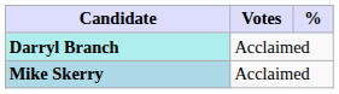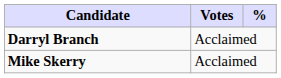 <table class="wikitable">
 <tr>
 <th style="background:#ddf; width:200px;">Candidate</th>
 <th style="background:#ddf; width:50px;">Votes</th>
 <th style="background:#ddf; width:30px;">%</th>
 </tr>
 <tr>
-<td style="background: paleturquoise;"><strong>Darryl Branch</strong></td>
+<td><strong>Darryl Branch</strong></td>
 <td colspan="2">Acclaimed</td>
 </tr>
 <tr>
-<td style="background: lightblue;"><strong>Mike Skerry</strong></td>
+<td><strong>Mike Skerry</strong></td>
 <td colspan="2">Acclaimed</td>
 </tr>
 </table>
